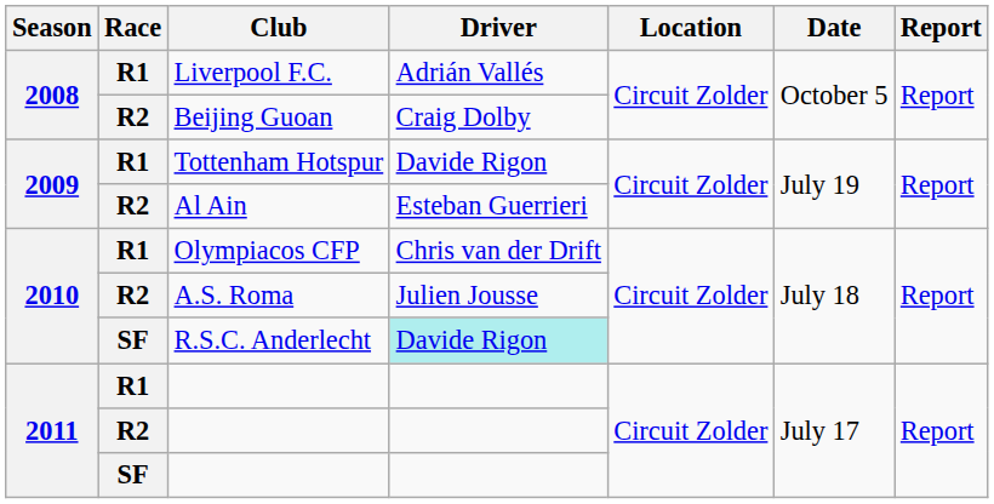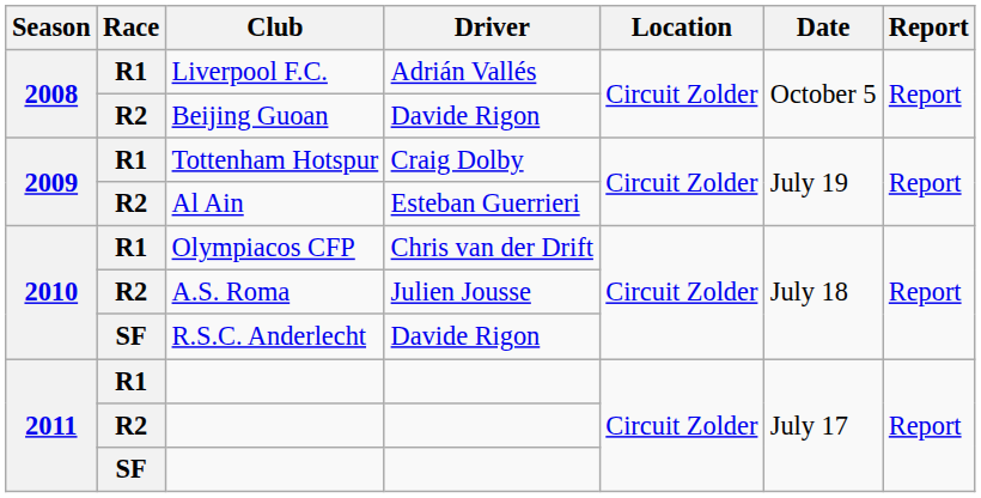 <table class="wikitable" style="font-size: 95%;">
 <tr>
 <th>Season</th>
 <th>Race</th>
 <th>Club</th>
 <th>Driver</th>
 <th>Location</th>
 <th>Date</th>
 <th>Report</th>
 </tr>
 <tr>
 <th rowspan=2><a href='#'>2008</a></th>
 <th>R1</th>
 <td> <a href='#'>Liverpool F.C.</a></td>
 <td> <a href='#'>Adrián Vallés</a></td>
 <td rowspan=2><a href='#'>Circuit Zolder</a></td>
 <td rowspan=2>October 5</td>
 <td rowspan=2><a href='#'>Report</a></td>
 </tr>
 <tr>
 <th>R2</th>
 <td> <a href='#'>Beijing Guoan</a></td>
-<td> <a href='#'>Craig Dolby</a></td>
+<td> <a href='#'>Davide Rigon</a></td>
 </tr>
 <tr>
 <th rowspan=2><a href='#'>2009</a></th>
 <th>R1</th>
 <td> <a href='#'>Tottenham Hotspur</a></td>
-<td> <a href='#'>Davide Rigon</a></td>
+<td> <a href='#'>Craig Dolby</a></td>
 <td rowspan=2><a href='#'>Circuit Zolder</a></td>
 <td rowspan=2>July 19</td>
 <td rowspan=2><a href='#'>Report</a></td>
 </tr>
 <tr>
 <th>R2</th>
 <td> <a href='#'>Al Ain</a></td>
 <td> <a href='#'>Esteban Guerrieri</a></td>
 </tr>
 <tr>
 <th rowspan=3><a href='#'>2010</a></th>
 <th>R1</th>
 <td> <a href='#'>Olympiacos CFP</a></td>
 <td> <a href='#'>Chris van der Drift</a></td>
 <td rowspan=3><a href='#'>Circuit Zolder</a></td>
 <td rowspan=3>July 18</td>
 <td rowspan=3><a href='#'>Report</a></td>
 </tr>
 <tr>
 <th>R2</th>
 <td> <a href='#'>A.S. Roma</a></td>
 <td> <a href='#'>Julien Jousse</a></td>
 </tr>
 <tr>
 <th>SF</th>
 <td> <a href='#'>R.S.C. Anderlecht</a></td>
-<td style="background: paleturquoise;"> <a href='#'>Davide Rigon</a></td>
+<td> <a href='#'>Davide Rigon</a></td>
 </tr>
 <tr>
 <th rowspan=3><a href='#'>2011</a></th>
 <th>R1</th>
 <td></td>
 <td></td>
 <td rowspan=3><a href='#'>Circuit Zolder</a></td>
 <td rowspan=3>July 17</td>
 <td rowspan=3><a href='#'>Report</a></td>
 </tr>
 <tr>
 <th>R2</th>
 <td></td>
 <td></td>
 </tr>
 <tr>
 <th>SF</th>
 <td></td>
 <td></td>
 </tr>
 </table>
